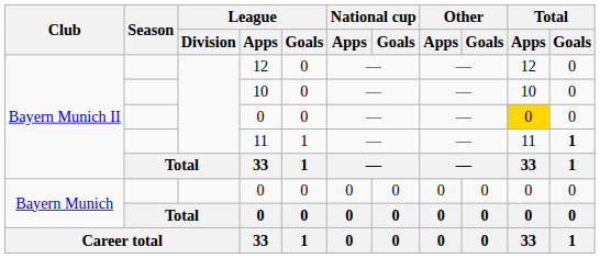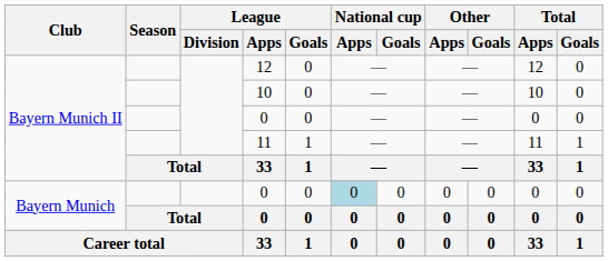 <table class="wikitable" style="text-align:center">
 <tr>
 <th rowspan="2">Club</th>
 <th rowspan="2">Season</th>
 <th colspan="3">League</th>
 <th colspan="2">National cup</th>
 <th colspan="2">Other</th>
 <th colspan="2">Total</th>
 </tr>
 <tr>
 <th>Division</th>
 <th>Apps</th>
 <th>Goals</th>
 <th>Apps</th>
 <th>Goals</th>
 <th>Apps</th>
 <th>Goals</th>
 <th>Apps</th>
 <th>Goals</th>
 </tr>
 <tr>
 <td rowspan="5"><a href='#'>Bayern Munich II</a></td>
 <td></td>
 <td rowspan="4"></td>
 <td>12</td>
 <td>0</td>
 <td colspan="2">—</td>
 <td colspan="2">—</td>
 <td>12</td>
 <td>0</td>
 </tr>
 <tr>
 <td></td>
 <td>10</td>
 <td>0</td>
 <td colspan="2">—</td>
 <td colspan="2">—</td>
 <td>10</td>
 <td>0</td>
 </tr>
 <tr>
 <td></td>
 <td>0</td>
 <td>0</td>
 <td colspan="2">—</td>
 <td colspan="2">—</td>
-<td style="background: gold;">0</td>
+<td>0</td>
 <td>0</td>
 </tr>
 <tr>
 <td></td>
 <td>11</td>
 <td>1</td>
 <td colspan="2">—</td>
 <td colspan="2">—</td>
 <td>11</td>
-<td><strong>1</strong></td>
+<td>1</td>
 </tr>
 <tr>
 <th colspan="2">Total</th>
 <th>33</th>
 <th>1</th>
 <th colspan="2">—</th>
 <th colspan="2">—</th>
 <th>33</th>
 <th>1</th>
 </tr>
 <tr>
 <td rowspan="2"><a href='#'>Bayern Munich</a></td>
 <td></td>
 <td></td>
 <td>0</td>
 <td>0</td>
-<td>0</td>
+<td style="background: lightblue;">0</td>
 <td>0</td>
 <td>0</td>
 <td>0</td>
 <td>0</td>
 <td>0</td>
 </tr>
 <tr>
 <th colspan="2">Total</th>
 <th>0</th>
 <th>0</th>
 <th>0</th>
 <th>0</th>
 <th>0</th>
 <th>0</th>
 <th>0</th>
 <th>0</th>
 </tr>
 <tr>
 <th colspan="3">Career total</th>
 <th>33</th>
 <th>1</th>
 <th>0</th>
 <th>0</th>
 <th>0</th>
 <th>0</th>
 <th>33</th>
 <th>1</th>
 </tr>
 </table>
